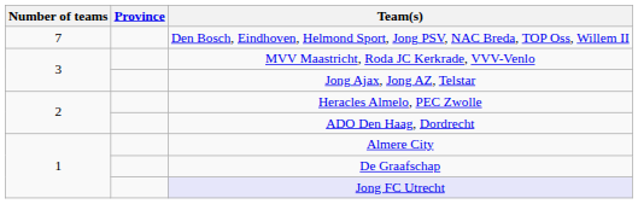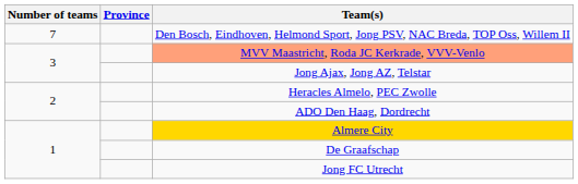 <table class="wikitable" style="text-align:center">
 <tr>
 <th>Number of teams</th>
 <th><a href='#'>Province</a></th>
 <th>Team(s)</th>
 </tr>
 <tr>
 <td>7</td>
 <td align="left"></td>
 <td><a href='#'>Den Bosch</a>, <a href='#'>Eindhoven</a>, <a href='#'>Helmond Sport</a>, <a href='#'>Jong PSV</a>, <a href='#'>NAC Breda</a>, <a href='#'>TOP Oss</a>, <a href='#'>Willem II</a></td>
 </tr>
 <tr>
 <td rowspan="2">3</td>
 <td align="left"></td>
-<td><a href='#'>MVV Maastricht</a>, <a href='#'>Roda JC Kerkrade</a>, <a href='#'>VVV-Venlo</a></td>
+<td style="background: lightsalmon;"><a href='#'>MVV Maastricht</a>, <a href='#'>Roda JC Kerkrade</a>, <a href='#'>VVV-Venlo</a></td>
 </tr>
 <tr>
 <td align="left"></td>
 <td><a href='#'>Jong Ajax</a>, <a href='#'>Jong AZ</a>, <a href='#'>Telstar</a></td>
 </tr>
 <tr>
 <td rowspan="2">2</td>
 <td align="left"></td>
 <td><a href='#'>Heracles Almelo</a>, <a href='#'>PEC Zwolle</a></td>
 </tr>
 <tr>
 <td align="left"></td>
 <td><a href='#'>ADO Den Haag</a>, <a href='#'>Dordrecht</a></td>
 </tr>
 <tr>
 <td rowspan="3">1</td>
 <td align="left"></td>
-<td><a href='#'>Almere City</a></td>
+<td style="background: gold;"><a href='#'>Almere City</a></td>
 </tr>
 <tr>
 <td align="left"></td>
 <td><a href='#'>De Graafschap</a></td>
 </tr>
 <tr>
 <td align="left"></td>
-<td style="background: lavender;"><a href='#'>Jong FC Utrecht</a></td>
+<td><a href='#'>Jong FC Utrecht</a></td>
 </tr>
 </table>
